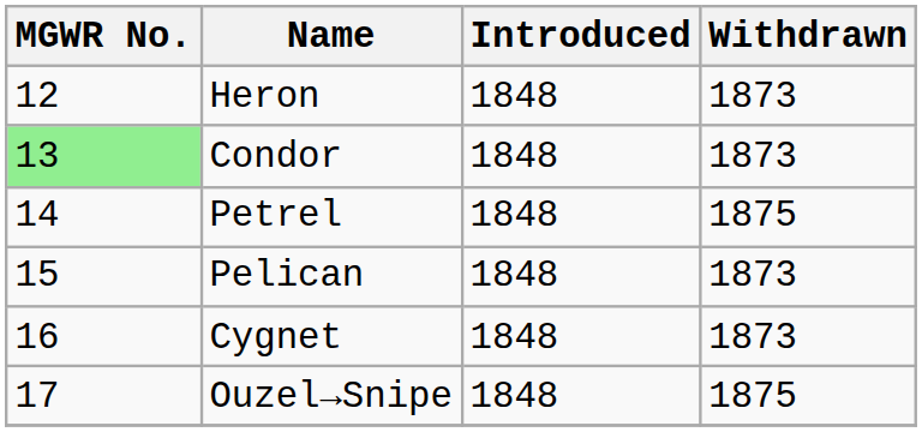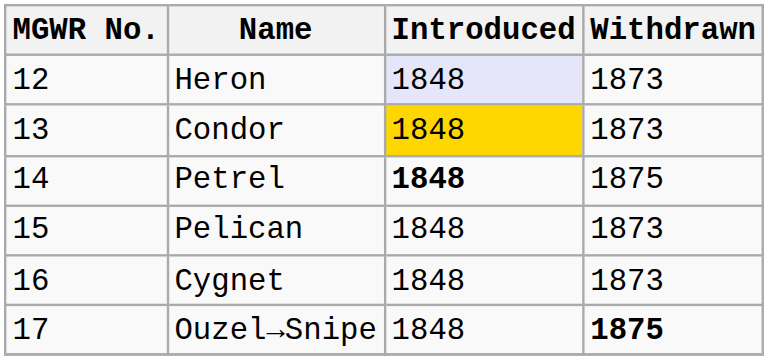 <table class="wikitable">
 <tr>
 <th>MGWR No.</th>
 <th>Name</th>
 <th>Introduced</th>
 <th>Withdrawn</th>
 </tr>
 <tr>
 <td>12</td>
 <td>Heron</td>
-<td>1848</td>
+<td style="background: lavender;">1848</td>
 <td>1873</td>
 </tr>
 <tr>
-<td style="background: lightgreen;">13</td>
+<td>13</td>
 <td>Condor</td>
-<td>1848</td>
+<td style="background: gold;">1848</td>
 <td>1873</td>
 </tr>
 <tr>
 <td>14</td>
 <td>Petrel</td>
-<td>1848</td>
+<td><strong>1848</strong></td>
 <td>1875</td>
 </tr>
 <tr>
 <td>15</td>
 <td>Pelican</td>
 <td>1848</td>
 <td>1873</td>
 </tr>
 <tr>
 <td>16</td>
 <td>Cygnet</td>
 <td>1848</td>
 <td>1873</td>
 </tr>
 <tr>
 <td>17</td>
 <td>Ouzel→Snipe</td>
 <td>1848</td>
-<td>1875</td>
+<td><strong>1875</strong></td>
 </tr>
 <tr>
 </tr>
 </table>
